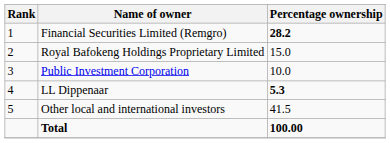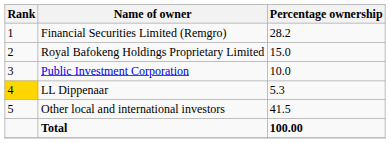 <table class="wikitable sortable" style="margin-left:auto;margin-right:auto">
 <tr>
 <th style="width:2em;">Rank</th>
 <th>Name of owner</th>
 <th>Percentage ownership</th>
 </tr>
 <tr>
 <td>1</td>
 <td>Financial Securities Limited (Remgro)</td>
-<td><strong>28.2</strong></td>
+<td>28.2</td>
 </tr>
 <tr>
 <td>2</td>
 <td>Royal Bafokeng Holdings Proprietary Limited</td>
 <td>15.0</td>
 </tr>
 <tr>
 <td>3</td>
 <td><a href='#'>Public Investment Corporation</a></td>
 <td>10.0</td>
 </tr>
 <tr>
-<td>4</td>
+<td style="background: gold;">4</td>
 <td>LL Dippenaar</td>
-<td><strong>5.3</strong></td>
+<td>5.3</td>
 </tr>
 <tr>
 <td>5</td>
 <td>Other local and international investors</td>
 <td>41.5</td>
 </tr>
 <tr>
 <td></td>
 <td><strong>Total</strong></td>
 <td><strong>100.00</strong></td>
 </tr>
 <tr>
 </tr>
 </table>
